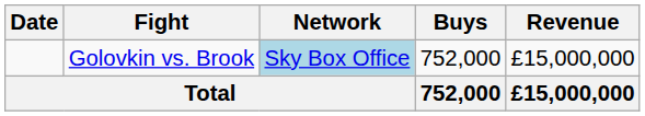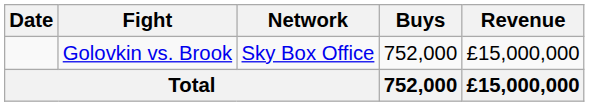 <table class="wikitable">
 <tr>
 <th>Date</th>
 <th>Fight</th>
 <th>Network</th>
 <th>Buys</th>
 <th>Revenue</th>
 </tr>
 <tr>
 <td></td>
 <td><a href='#'>Golovkin vs. Brook</a></td>
-<td style="background: lightblue;"><a href='#'>Sky Box Office</a></td>
+<td><a href='#'>Sky Box Office</a></td>
 <td>752,000</td>
 <td>£15,000,000</td>
 </tr>
 <tr>
 <th colspan="3">Total</th>
 <th>752,000</th>
 <th>£15,000,000</th>
 </tr>
 </table>
